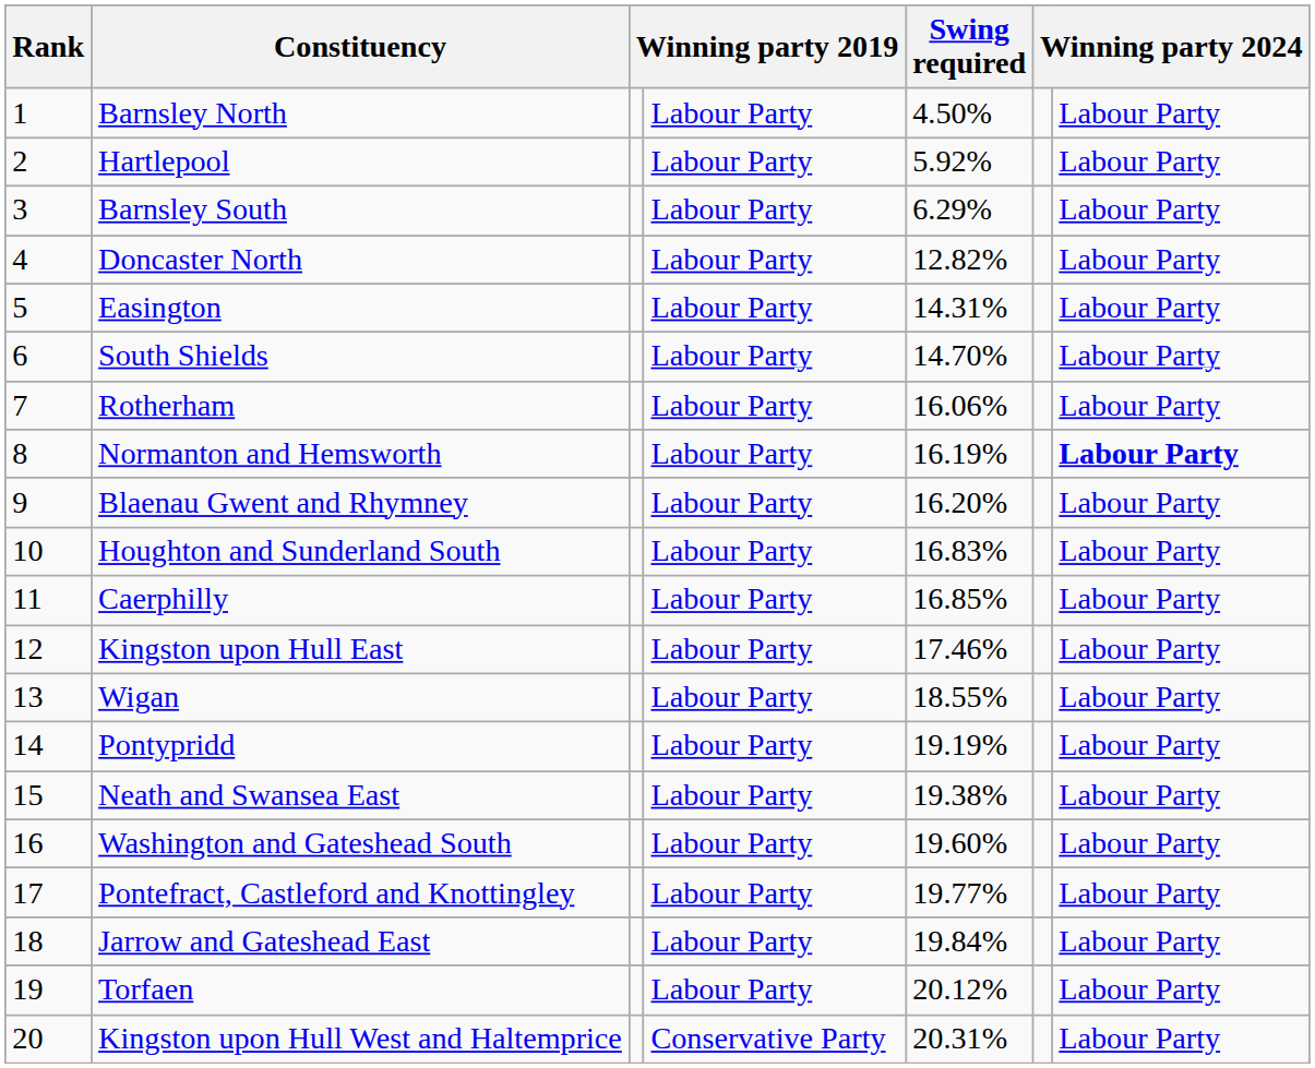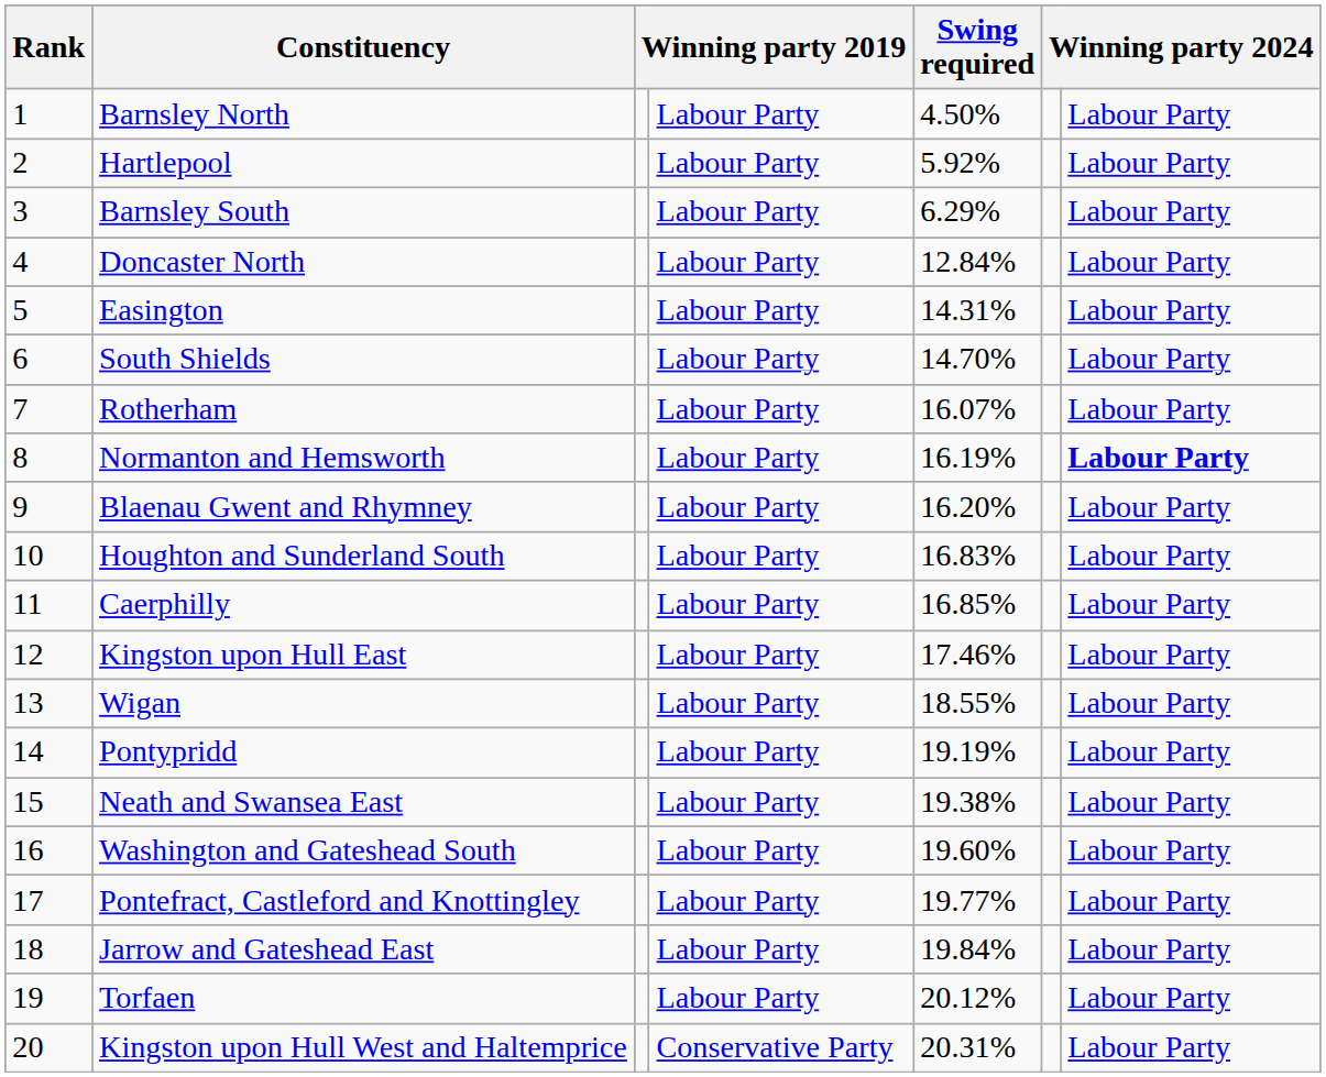 <table class="wikitable sortable">
 <tr>
 <th>Rank</th>
 <th>Constituency</th>
 <th colspan="2">Winning party 2019</th>
 <th><a href='#'>Swing</a> <br>required</th>
 <th colspan="2">Winning party 2024</th>
 </tr>
 <tr>
 <td>1</td>
 <td><a href='#'>Barnsley North</a></td>
 <td class="unsortable" style="background-color: "></td>
 <td><a href='#'>Labour Party</a></td>
 <td>4.50%</td>
 <td class="unsortable" style="background-color: "></td>
 <td><a href='#'>Labour Party</a></td>
 </tr>
 <tr>
 <td>2</td>
 <td><a href='#'>Hartlepool</a></td>
 <td class="unsortable" style="background-color: "></td>
 <td><a href='#'>Labour Party</a></td>
 <td>5.92%</td>
 <td class="unsortable" style="background-color: "></td>
 <td><a href='#'>Labour Party</a></td>
 </tr>
 <tr>
 <td>3</td>
 <td><a href='#'>Barnsley South</a></td>
 <td class="unsortable" style="background-color: "></td>
 <td><a href='#'>Labour Party</a></td>
 <td>6.29%</td>
 <td class="unsortable" style="background-color: "></td>
 <td><a href='#'>Labour Party</a></td>
 </tr>
 <tr>
 <td>4</td>
 <td><a href='#'>Doncaster North</a></td>
 <td class="unsortable" style="background-color: "></td>
 <td><a href='#'>Labour Party</a></td>
-<td>12.82%</td>
+<td>12.84%</td>
 <td class="unsortable" style="background-color: "></td>
 <td><a href='#'>Labour Party</a></td>
 </tr>
 <tr>
 <td>5</td>
 <td><a href='#'>Easington</a></td>
 <td class="unsortable" style="background-color: "></td>
 <td><a href='#'>Labour Party</a></td>
 <td>14.31%</td>
 <td class="unsortable" style="background-color: "></td>
 <td><a href='#'>Labour Party</a></td>
 </tr>
 <tr>
 <td>6</td>
 <td><a href='#'>South Shields</a></td>
 <td class="unsortable" style="background-color: "></td>
 <td><a href='#'>Labour Party</a></td>
 <td>14.70%</td>
 <td class="unsortable" style="background-color: "></td>
 <td><a href='#'>Labour Party</a></td>
 </tr>
 <tr>
 <td>7</td>
 <td><a href='#'>Rotherham</a></td>
 <td class="unsortable" style="background-color: "></td>
 <td><a href='#'>Labour Party</a></td>
-<td>16.06%</td>
+<td>16.07%</td>
 <td class="unsortable" style="background-color: "></td>
 <td><a href='#'>Labour Party</a></td>
 </tr>
 <tr>
 <td>8</td>
 <td><a href='#'>Normanton and Hemsworth</a></td>
 <td class="unsortable" style="background-color: "></td>
 <td><a href='#'>Labour Party</a></td>
 <td>16.19%</td>
 <td class="unsortable" style="background-color: "></td>
 <td><strong><a href='#'>Labour Party</a></strong></td>
 </tr>
 <tr>
 <td>9</td>
 <td><a href='#'>Blaenau Gwent and Rhymney</a></td>
 <td class="unsortable" style="background-color: "></td>
 <td><a href='#'>Labour Party</a></td>
 <td>16.20%</td>
 <td class="unsortable" style="background-color: "></td>
 <td><a href='#'>Labour Party</a></td>
 </tr>
 <tr>
 <td>10</td>
 <td><a href='#'>Houghton and Sunderland South</a></td>
 <td class="unsortable" style="background-color: "></td>
 <td><a href='#'>Labour Party</a></td>
 <td>16.83%</td>
 <td class="unsortable" style="background-color: "></td>
 <td><a href='#'>Labour Party</a></td>
 </tr>
 <tr>
 <td>11</td>
 <td><a href='#'>Caerphilly</a></td>
 <td class="unsortable" style="background-color: "></td>
 <td><a href='#'>Labour Party</a></td>
 <td>16.85%</td>
 <td class="unsortable" style="background-color: "></td>
 <td><a href='#'>Labour Party</a></td>
 </tr>
 <tr>
 <td>12</td>
 <td><a href='#'>Kingston upon Hull East</a></td>
 <td class="unsortable" style="background-color: "></td>
 <td><a href='#'>Labour Party</a></td>
 <td>17.46%</td>
 <td class="unsortable" style="background-color: "></td>
 <td><a href='#'>Labour Party</a></td>
 </tr>
 <tr>
 <td>13</td>
 <td><a href='#'>Wigan</a></td>
 <td class="unsortable" style="background-color: "></td>
 <td><a href='#'>Labour Party</a></td>
 <td>18.55%</td>
 <td class="unsortable" style="background-color: "></td>
 <td><a href='#'>Labour Party</a></td>
 </tr>
 <tr>
 <td>14</td>
 <td><a href='#'>Pontypridd</a></td>
 <td class="unsortable" style="background-color: "></td>
 <td><a href='#'>Labour Party</a></td>
 <td>19.19%</td>
 <td class="unsortable" style="background-color: "></td>
 <td><a href='#'>Labour Party</a></td>
 </tr>
 <tr>
 <td>15</td>
 <td><a href='#'>Neath and Swansea East</a></td>
 <td class="unsortable" style="background-color: "></td>
 <td><a href='#'>Labour Party</a></td>
 <td>19.38%</td>
 <td class="unsortable" style="background-color: "></td>
 <td><a href='#'>Labour Party</a></td>
 </tr>
 <tr>
 <td>16</td>
 <td><a href='#'>Washington and Gateshead South</a></td>
 <td class="unsortable" style="background-color: "></td>
 <td><a href='#'>Labour Party</a></td>
 <td>19.60%</td>
 <td class="unsortable" style="background-color: "></td>
 <td><a href='#'>Labour Party</a></td>
 </tr>
 <tr>
 <td>17</td>
 <td><a href='#'>Pontefract, Castleford and Knottingley</a></td>
 <td class="unsortable" style="background-color: "></td>
 <td><a href='#'>Labour Party</a></td>
 <td>19.77%</td>
 <td class="unsortable" style="background-color: "></td>
 <td><a href='#'>Labour Party</a></td>
 </tr>
 <tr>
 <td>18</td>
 <td><a href='#'>Jarrow and Gateshead East</a></td>
 <td class="unsortable" style="background-color: "></td>
 <td><a href='#'>Labour Party</a></td>
 <td>19.84%</td>
 <td class="unsortable" style="background-color: "></td>
 <td><a href='#'>Labour Party</a></td>
 </tr>
 <tr>
 <td>19</td>
 <td><a href='#'>Torfaen</a></td>
 <td class="unsortable" style="background-color: "></td>
 <td><a href='#'>Labour Party</a></td>
 <td>20.12%</td>
 <td class="unsortable" style="background-color: "></td>
 <td><a href='#'>Labour Party</a></td>
 </tr>
 <tr>
 <td>20</td>
 <td><a href='#'>Kingston upon Hull West and Haltemprice</a></td>
 <td class="unsortable" style="background-color: "></td>
 <td><a href='#'>Conservative Party</a></td>
 <td>20.31%</td>
 <td class="unsortable" style="background-color: "></td>
 <td><a href='#'>Labour Party</a></td>
 </tr>
 </table>
